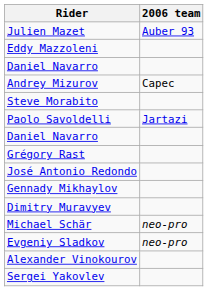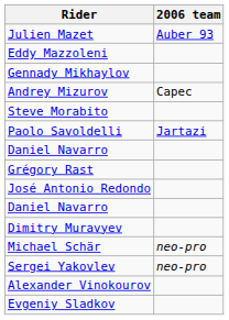 <table class="wikitable">
 <tr>
 <th>Rider</th>
 <th>2006 team</th>
 </tr>
 <tr>
 <td><a href='#'>Julien Mazet</a></td>
 <td><a href='#'>Auber 93</a></td>
 </tr>
 <tr>
 <td><a href='#'>Eddy Mazzoleni</a></td>
 <td></td>
 </tr>
 <tr>
-<td><a href='#'>Daniel Navarro</a></td>
+<td><a href='#'>Gennady Mikhaylov</a></td>
 <td></td>
 </tr>
 <tr>
 <td><a href='#'>Andrey Mizurov</a></td>
 <td>Capec</td>
 </tr>
 <tr>
 <td><a href='#'>Steve Morabito</a></td>
 <td></td>
 </tr>
 <tr>
 <td><a href='#'>Paolo Savoldelli</a></td>
 <td><a href='#'>Jartazi</a></td>
 </tr>
 <tr>
 <td><a href='#'>Daniel Navarro</a></td>
 <td></td>
 </tr>
 <tr>
 <td><a href='#'>Grégory Rast</a></td>
 <td></td>
 </tr>
 <tr>
 <td><a href='#'>José Antonio Redondo</a></td>
 <td></td>
 </tr>
 <tr>
-<td><a href='#'>Gennady Mikhaylov</a></td>
+<td><a href='#'>Daniel Navarro</a></td>
 <td></td>
 </tr>
 <tr>
 <td><a href='#'>Dimitry Muravyev</a></td>
 <td></td>
 </tr>
 <tr>
 <td><a href='#'>Michael Schär</a></td>
 <td><em>neo-pro</em></td>
 </tr>
 <tr>
-<td><a href='#'>Evgeniy Sladkov</a></td>
+<td><a href='#'>Sergei Yakovlev</a></td>
 <td><em>neo-pro</em></td>
 </tr>
 <tr>
 <td><a href='#'>Alexander Vinokourov</a></td>
 <td></td>
 </tr>
 <tr>
-<td><a href='#'>Sergei Yakovlev</a></td>
+<td><a href='#'>Evgeniy Sladkov</a></td>
 <td></td>
 </tr>
 </table>
